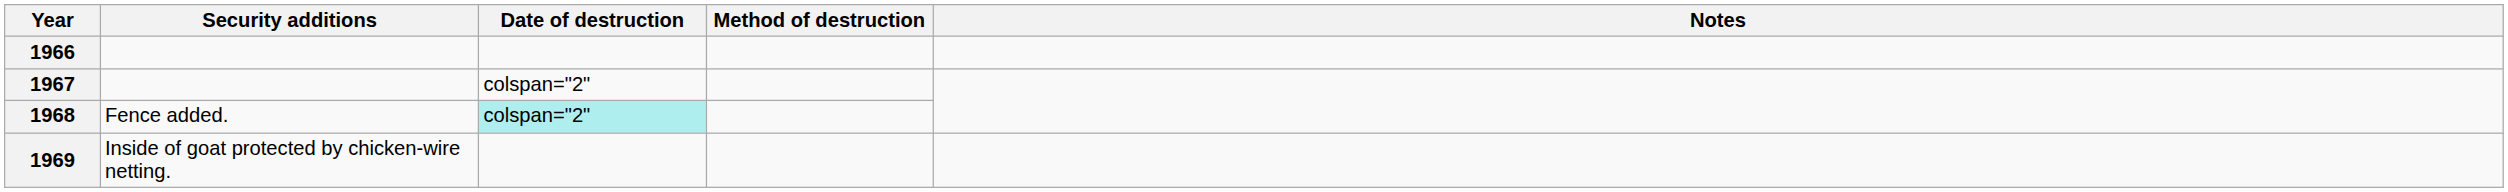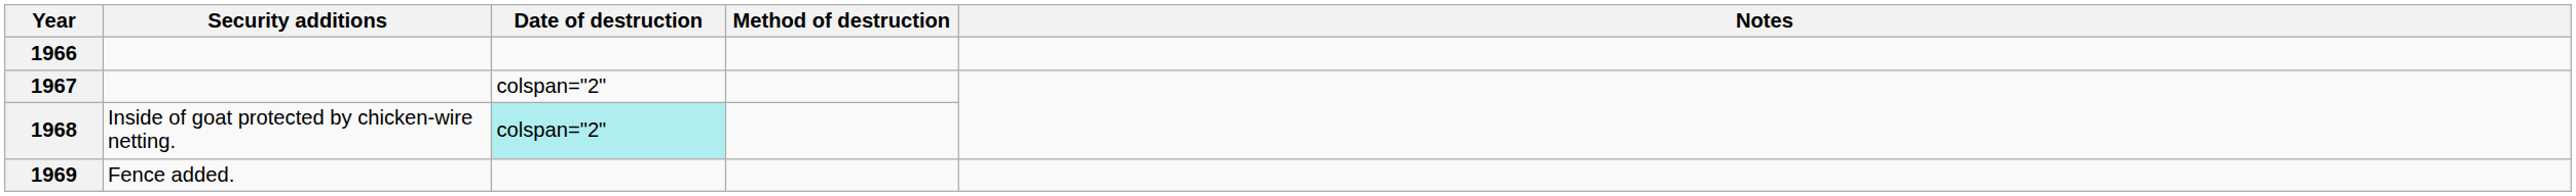 <table class="sortable wikitable" style="width: 100%;">
 <tr>
 <th scope="col" width="40">Year</th>
 <th scope="col" width="180">Security additions</th>
 <th scope="col" width="105">Date of destruction</th>
 <th scope="col" width="105">Method of destruction</th>
 <th scope="col" width="770">Notes</th>
 </tr>
 <tr>
 <th scope="row">1966</th>
 <td></td>
 <td></td>
 <td></td>
 <td></td>
 </tr>
 <tr>
 <th scope="row">1967</th>
 <td></td>
 <td>colspan="2" </td>
 <td></td>
 </tr>
 <tr>
 <th scope="row">1968</th>
-<td>Fence added.</td>
+<td>Inside of goat protected by chicken-wire netting.</td>
 <td style="background: paleturquoise;">colspan="2" </td>
 <td></td>
 </tr>
 <tr>
 <th scope="row">1969</th>
-<td>Inside of goat protected by chicken-wire netting.</td>
+<td>Fence added.</td>
 <td></td>
 <td></td>
 <td></td>
 </tr>
 </table>
